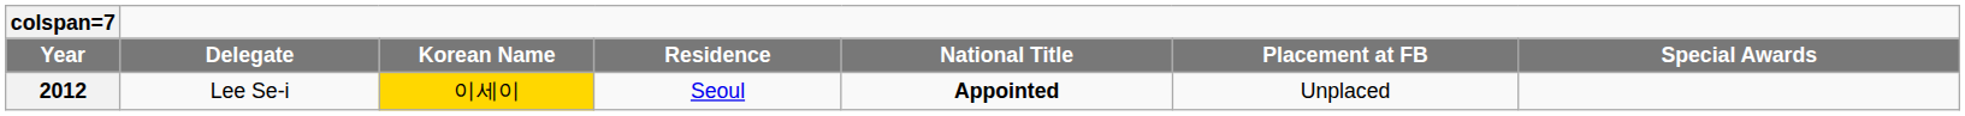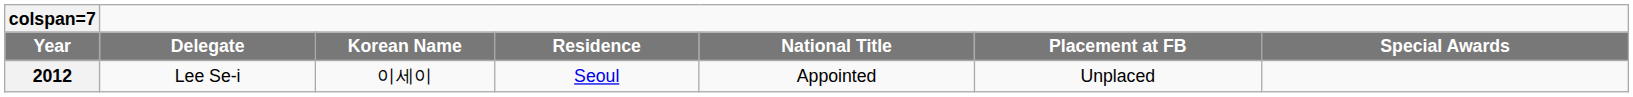 <table class="wikitable sortable" style="font-size: 85%; text-align:center">
 <tr>
 <th>colspan=7 </th>
 </tr>
 <tr>
 <th width="60" style="background-color:#787878;color:#FFFFFF;">Year</th>
 <th width="170" style="background-color:#787878;color:#FFFFFF;">Delegate</th>
 <th width="140" style="background-color:#787878;color:#FFFFFF;">Korean Name</th>
 <th width="160" style="background-color:#787878;color:#FFFFFF;">Residence</th>
 <th width="220" style="background-color:#787878;color:#FFFFFF;">National Title</th>
 <th width="230" style="background-color:#787878;color:#FFFFFF;">Placement at FB</th>
 <th width="300" style="background-color:#787878;color:#FFFFFF;">Special Awards</th>
 </tr>
 <tr>
 <th>2012</th>
 <td>Lee Se-i</td>
-<td style="background: gold;">이세이</td>
+<td>이세이</td>
 <td><a href='#'>Seoul</a></td>
-<td><strong>Appointed</strong></td>
+<td>Appointed</td>
 <td>Unplaced</td>
 <td></td>
 </tr>
 </table>
